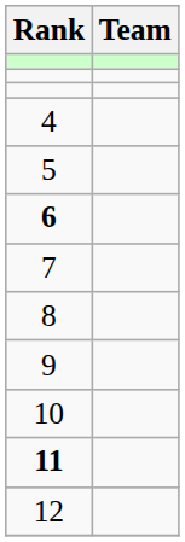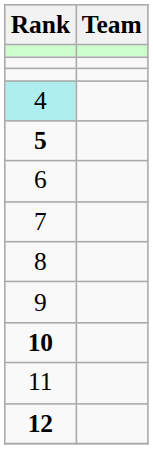 <table class="wikitable">
 <tr>
 <th>Rank</th>
 <th>Team</th>
 </tr>
 <tr bgcolor=#CCFFCC>
 <td align=center></td>
 <td></td>
 </tr>
 <tr>
 <td align=center></td>
 <td></td>
 </tr>
 <tr>
 <td align=center></td>
 <td></td>
 </tr>
 <tr>
-<td align=center>4</td>
+<td align=center style="background: paleturquoise;">4</td>
 <td></td>
 </tr>
 <tr>
-<td align=center>5</td>
+<td align=center><strong>5</strong></td>
 <td></td>
 </tr>
 <tr>
-<td align=center><strong>6</strong></td>
+<td align=center>6</td>
 <td></td>
 </tr>
 <tr>
 <td align=center>7</td>
 <td></td>
 </tr>
 <tr>
 <td align=center>8</td>
 <td></td>
 </tr>
 <tr>
 <td align=center>9</td>
 <td></td>
 </tr>
 <tr>
-<td align=center>10</td>
+<td align=center><strong>10</strong></td>
 <td></td>
 </tr>
 <tr>
-<td align=center><strong>11</strong></td>
+<td align=center>11</td>
 <td></td>
 </tr>
 <tr>
-<td align=center>12</td>
+<td align=center><strong>12</strong></td>
 <td></td>
 </tr>
 <tr>
 </tr>
 </table>
